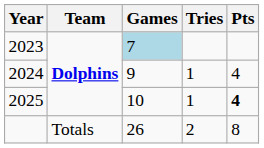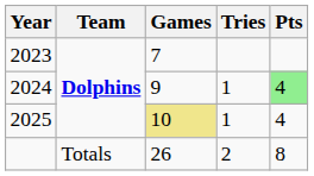 <table class="wikitable">
 <tr>
 <th>Year</th>
 <th>Team</th>
 <th>Games</th>
 <th>Tries</th>
 <th>Pts</th>
 </tr>
 <tr>
 <td>2023</td>
 <td rowspan="3"> <strong><a href='#'>Dolphins</a></strong></td>
-<td style="background: lightblue;">7</td>
+<td>7</td>
 <td></td>
 <td></td>
 </tr>
 <tr>
 <td>2024</td>
 <td>9</td>
 <td>1</td>
-<td>4</td>
+<td style="background: lightgreen;">4</td>
 </tr>
 <tr>
 <td>2025</td>
-<td>10</td>
+<td style="background: khaki;">10</td>
 <td>1</td>
-<td><strong>4</strong></td>
+<td>4</td>
 </tr>
 <tr>
 <td></td>
 <td>Totals</td>
 <td>26</td>
 <td>2</td>
 <td>8</td>
 </tr>
 </table>
